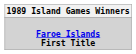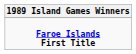 <table class="wikitable" style="text-align: center; margin: 0 auto;">
 <tr>
 <th>1989 Island Games Winners</th>
 </tr>
 <tr>
 </tr>
 <tr>
-<td style="background: lightgrey;"><br><strong><a href='#'>Faroe Islands</a></strong><br><strong>First Title</strong></td>
+<td><br><strong><a href='#'>Faroe Islands</a></strong><br><strong>First Title</strong></td>
 </tr>
 </table>
